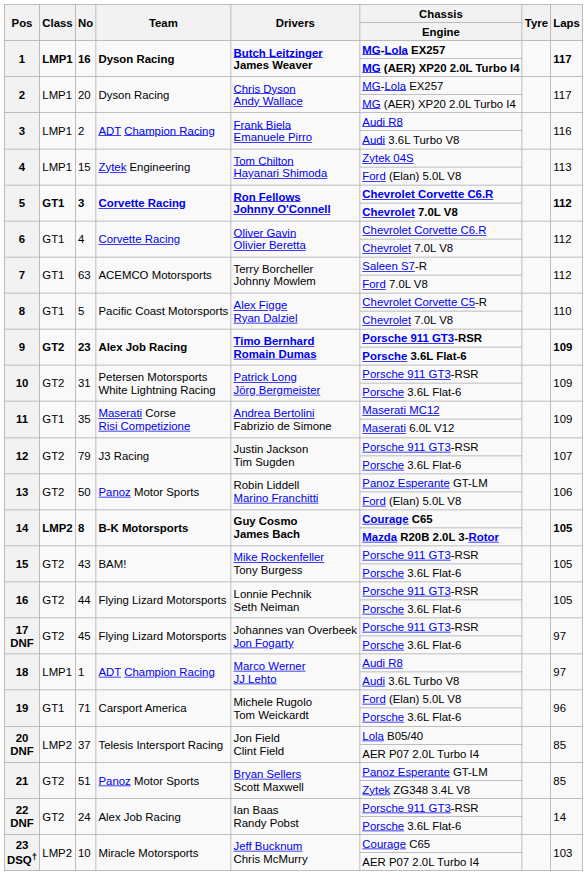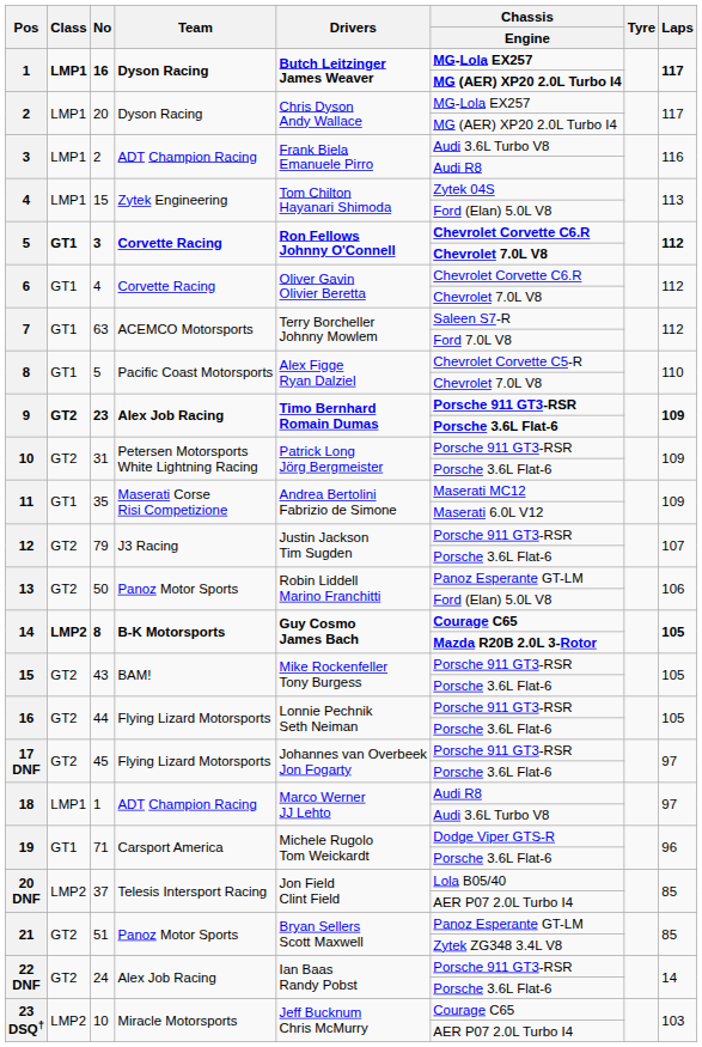 <table class="wikitable" style="font-size: 95%;">
 <tr>
 <th rowspan=2>Pos</th>
 <th rowspan=2>Class</th>
 <th rowspan=2>No</th>
 <th rowspan=2>Team</th>
 <th rowspan=2>Drivers</th>
 <th>Chassis</th>
 <th rowspan=2>Tyre</th>
 <th rowspan=2>Laps</th>
 </tr>
 <tr>
 <th>Engine</th>
 </tr>
 <tr style="font-weight:bold">
 <th rowspan=2>1</th>
 <td rowspan=2>LMP1</td>
 <td rowspan=2>16</td>
 <td rowspan=2> Dyson Racing</td>
 <td rowspan=2> <a href='#'>Butch Leitzinger</a><br> James Weaver</td>
 <td><a href='#'>MG</a>-<a href='#'>Lola</a> EX257</td>
 <td rowspan=2></td>
 <td rowspan=2>117</td>
 </tr>
 <tr style="font-weight:bold">
 <td><a href='#'>MG</a> (AER) XP20 2.0L Turbo I4</td>
 </tr>
 <tr>
 <th rowspan=2>2</th>
 <td rowspan=2>LMP1</td>
 <td rowspan=2>20</td>
 <td rowspan=2> Dyson Racing</td>
 <td rowspan=2> <a href='#'>Chris Dyson</a><br> <a href='#'>Andy Wallace</a></td>
 <td><a href='#'>MG</a>-<a href='#'>Lola</a> EX257</td>
 <td rowspan=2></td>
 <td rowspan=2>117</td>
 </tr>
 <tr>
 <td><a href='#'>MG</a> (AER) XP20 2.0L Turbo I4</td>
 </tr>
 <tr>
 <th rowspan=2>3</th>
 <td rowspan=2>LMP1</td>
 <td rowspan=2>2</td>
 <td rowspan=2> <a href='#'>ADT</a> <a href='#'>Champion Racing</a></td>
 <td rowspan=2> <a href='#'>Frank Biela</a><br> <a href='#'>Emanuele Pirro</a></td>
-<td><a href='#'>Audi R8</a></td>
+<td><a href='#'>Audi</a> 3.6L Turbo V8</td>
 <td rowspan=2></td>
 <td rowspan=2>116</td>
 </tr>
 <tr>
-<td><a href='#'>Audi</a> 3.6L Turbo V8</td>
+<td><a href='#'>Audi R8</a></td>
 </tr>
 <tr>
 <th rowspan=2>4</th>
 <td rowspan=2>LMP1</td>
 <td rowspan=2>15</td>
 <td rowspan=2> <a href='#'>Zytek</a> Engineering</td>
 <td rowspan=2> <a href='#'>Tom Chilton</a><br> <a href='#'>Hayanari Shimoda</a></td>
 <td><a href='#'>Zytek 04S</a></td>
 <td rowspan=2></td>
 <td rowspan=2>113</td>
 </tr>
 <tr>
 <td><a href='#'>Ford</a> (Elan) 5.0L V8</td>
 </tr>
 <tr style="font-weight:bold">
 <th rowspan=2>5</th>
 <td rowspan=2>GT1</td>
 <td rowspan=2>3</td>
 <td rowspan=2> <a href='#'>Corvette Racing</a></td>
 <td rowspan=2> <a href='#'>Ron Fellows</a><br> <a href='#'>Johnny O'Connell</a></td>
 <td><a href='#'>Chevrolet Corvette C6.R</a></td>
 <td rowspan=2></td>
 <td rowspan=2>112</td>
 </tr>
 <tr style="font-weight:bold">
 <td><a href='#'>Chevrolet</a> 7.0L V8</td>
 </tr>
 <tr>
 <th rowspan=2>6</th>
 <td rowspan=2>GT1</td>
 <td rowspan=2>4</td>
 <td rowspan=2> <a href='#'>Corvette Racing</a></td>
 <td rowspan=2> <a href='#'>Oliver Gavin</a><br> <a href='#'>Olivier Beretta</a></td>
 <td><a href='#'>Chevrolet Corvette C6.R</a></td>
 <td rowspan=2></td>
 <td rowspan=2>112</td>
 </tr>
 <tr>
 <td><a href='#'>Chevrolet</a> 7.0L V8</td>
 </tr>
 <tr>
 <th rowspan=2>7</th>
 <td rowspan=2>GT1</td>
 <td rowspan=2>63</td>
 <td rowspan=2> ACEMCO Motorsports</td>
 <td rowspan=2> Terry Borcheller<br> Johnny Mowlem</td>
 <td><a href='#'>Saleen S7</a>-R</td>
 <td rowspan=2></td>
 <td rowspan=2>112</td>
 </tr>
 <tr>
 <td><a href='#'>Ford</a> 7.0L V8</td>
 </tr>
 <tr>
 <th rowspan=2>8</th>
 <td rowspan=2>GT1</td>
 <td rowspan=2>5</td>
 <td rowspan=2> Pacific Coast Motorsports</td>
 <td rowspan=2> <a href='#'>Alex Figge</a><br> <a href='#'>Ryan Dalziel</a></td>
 <td><a href='#'>Chevrolet Corvette C5</a>-R</td>
 <td rowspan=2></td>
 <td rowspan=2>110</td>
 </tr>
 <tr>
 <td><a href='#'>Chevrolet</a> 7.0L V8</td>
 </tr>
 <tr style="font-weight:bold">
 <th rowspan=2>9</th>
 <td rowspan=2>GT2</td>
 <td rowspan=2>23</td>
 <td rowspan=2> Alex Job Racing</td>
 <td rowspan=2> <a href='#'>Timo Bernhard</a><br> <a href='#'>Romain Dumas</a></td>
 <td><a href='#'>Porsche 911 GT3</a>-RSR</td>
 <td rowspan=2></td>
 <td rowspan=2>109</td>
 </tr>
 <tr style="font-weight:bold">
 <td><a href='#'>Porsche</a> 3.6L Flat-6</td>
 </tr>
 <tr>
 <th rowspan=2>10</th>
 <td rowspan=2>GT2</td>
 <td rowspan=2>31</td>
 <td rowspan=2> Petersen Motorsports<br> White Lightning Racing</td>
 <td rowspan=2> <a href='#'>Patrick Long</a><br> <a href='#'>Jörg Bergmeister</a></td>
 <td><a href='#'>Porsche 911 GT3</a>-RSR</td>
 <td rowspan=2></td>
 <td rowspan=2>109</td>
 </tr>
 <tr>
 <td><a href='#'>Porsche</a> 3.6L Flat-6</td>
 </tr>
 <tr>
 <th rowspan=2>11</th>
 <td rowspan=2>GT1</td>
 <td rowspan=2>35</td>
 <td rowspan=2> <a href='#'>Maserati</a> Corse<br> <a href='#'>Risi Competizione</a></td>
 <td rowspan=2> <a href='#'>Andrea Bertolini</a><br> Fabrizio de Simone</td>
 <td><a href='#'>Maserati MC12</a></td>
 <td rowspan=2></td>
 <td rowspan=2>109</td>
 </tr>
 <tr>
 <td><a href='#'>Maserati</a> 6.0L V12</td>
 </tr>
 <tr>
 <th rowspan=2>12</th>
 <td rowspan=2>GT2</td>
 <td rowspan=2>79</td>
 <td rowspan=2> J3 Racing</td>
 <td rowspan=2> Justin Jackson<br> Tim Sugden</td>
 <td><a href='#'>Porsche 911 GT3</a>-RSR</td>
 <td rowspan=2></td>
 <td rowspan=2>107</td>
 </tr>
 <tr>
 <td><a href='#'>Porsche</a> 3.6L Flat-6</td>
 </tr>
 <tr>
 <th rowspan=2>13</th>
 <td rowspan=2>GT2</td>
 <td rowspan=2>50</td>
 <td rowspan=2> <a href='#'>Panoz</a> Motor Sports</td>
 <td rowspan=2> Robin Liddell<br> <a href='#'>Marino Franchitti</a></td>
 <td><a href='#'>Panoz Esperante</a> GT-LM</td>
 <td rowspan=2></td>
 <td rowspan=2>106</td>
 </tr>
 <tr>
 <td><a href='#'>Ford</a> (Elan) 5.0L V8</td>
 </tr>
 <tr style="font-weight:bold">
 <th rowspan=2>14</th>
 <td rowspan=2>LMP2</td>
 <td rowspan=2>8</td>
 <td rowspan=2> B-K Motorsports</td>
 <td rowspan=2> Guy Cosmo<br> James Bach</td>
 <td><a href='#'>Courage</a> C65</td>
 <td rowspan=2></td>
 <td rowspan=2>105</td>
 </tr>
 <tr style="font-weight:bold">
 <td><a href='#'>Mazda</a> R20B 2.0L 3-<a href='#'>Rotor</a></td>
 </tr>
 <tr>
 <th rowspan=2>15</th>
 <td rowspan=2>GT2</td>
 <td rowspan=2>43</td>
 <td rowspan=2> BAM!</td>
 <td rowspan=2> <a href='#'>Mike Rockenfeller</a><br> Tony Burgess</td>
 <td><a href='#'>Porsche 911 GT3</a>-RSR</td>
 <td rowspan=2></td>
 <td rowspan=2>105</td>
 </tr>
 <tr>
 <td><a href='#'>Porsche</a> 3.6L Flat-6</td>
 </tr>
 <tr>
 <th rowspan=2>16</th>
 <td rowspan=2>GT2</td>
 <td rowspan=2>44</td>
 <td rowspan=2> Flying Lizard Motorsports</td>
 <td rowspan=2> Lonnie Pechnik<br> Seth Neiman</td>
 <td><a href='#'>Porsche 911 GT3</a>-RSR</td>
 <td rowspan=2></td>
 <td rowspan=2>105</td>
 </tr>
 <tr>
 <td><a href='#'>Porsche</a> 3.6L Flat-6</td>
 </tr>
 <tr>
 <th rowspan=2>17<br>DNF</th>
 <td rowspan=2>GT2</td>
 <td rowspan=2>45</td>
 <td rowspan=2> Flying Lizard Motorsports</td>
 <td rowspan=2> Johannes van Overbeek<br> <a href='#'>Jon Fogarty</a></td>
 <td><a href='#'>Porsche 911 GT3</a>-RSR</td>
 <td rowspan=2></td>
 <td rowspan=2>97</td>
 </tr>
 <tr>
 <td><a href='#'>Porsche</a> 3.6L Flat-6</td>
 </tr>
 <tr>
 <th rowspan=2>18</th>
 <td rowspan=2>LMP1</td>
 <td rowspan=2>1</td>
 <td rowspan=2> <a href='#'>ADT</a> <a href='#'>Champion Racing</a></td>
 <td rowspan=2> <a href='#'>Marco Werner</a><br> <a href='#'>JJ Lehto</a></td>
 <td><a href='#'>Audi R8</a></td>
 <td rowspan=2></td>
 <td rowspan=2>97</td>
 </tr>
 <tr>
 <td><a href='#'>Audi</a> 3.6L Turbo V8</td>
 </tr>
 <tr>
 <th rowspan=2>19</th>
 <td rowspan=2>GT1</td>
 <td rowspan=2>71</td>
 <td rowspan=2> Carsport America</td>
 <td rowspan=2> Michele Rugolo<br> Tom Weickardt</td>
-<td><a href='#'>Ford</a> (Elan) 5.0L V8</td>
+<td><a href='#'>Dodge Viper GTS-R</a></td>
 <td rowspan=2></td>
 <td rowspan=2>96</td>
 </tr>
 <tr>
 <td><a href='#'>Porsche</a> 3.6L Flat-6</td>
 </tr>
 <tr>
 <th rowspan=2>20<br>DNF</th>
 <td rowspan=2>LMP2</td>
 <td rowspan=2>37</td>
 <td rowspan=2> Telesis Intersport Racing</td>
 <td rowspan=2> Jon Field<br> Clint Field</td>
 <td><a href='#'>Lola</a> B05/40</td>
 <td rowspan=2></td>
 <td rowspan=2>85</td>
 </tr>
 <tr>
 <td>AER P07 2.0L Turbo I4</td>
 </tr>
 <tr>
 <th rowspan=2>21</th>
 <td rowspan=2>GT2</td>
 <td rowspan=2>51</td>
 <td rowspan=2> <a href='#'>Panoz</a> Motor Sports</td>
 <td rowspan=2> <a href='#'>Bryan Sellers</a><br> Scott Maxwell</td>
 <td><a href='#'>Panoz Esperante</a> GT-LM</td>
 <td rowspan=2></td>
 <td rowspan=2>85</td>
 </tr>
 <tr>
 <td><a href='#'>Zytek</a> ZG348 3.4L V8</td>
 </tr>
 <tr>
 <th rowspan=2>22<br>DNF</th>
 <td rowspan=2>GT2</td>
 <td rowspan=2>24</td>
 <td rowspan=2> Alex Job Racing</td>
 <td rowspan=2> Ian Baas<br> Randy Pobst</td>
 <td><a href='#'>Porsche 911 GT3</a>-RSR</td>
 <td rowspan=2></td>
 <td rowspan=2>14</td>
 </tr>
 <tr>
 <td><a href='#'>Porsche</a> 3.6L Flat-6</td>
 </tr>
 <tr>
 <th rowspan=2>23<br>DSQ<sup>†</sup></th>
 <td rowspan=2>LMP2</td>
 <td rowspan=2>10</td>
 <td rowspan=2> Miracle Motorsports</td>
 <td rowspan=2> <a href='#'>Jeff Bucknum</a><br> Chris McMurry</td>
 <td><a href='#'>Courage</a> C65</td>
 <td rowspan=2></td>
 <td rowspan=2>103</td>
 </tr>
 <tr>
 <td>AER P07 2.0L Turbo I4</td>
 </tr>
 </table>
